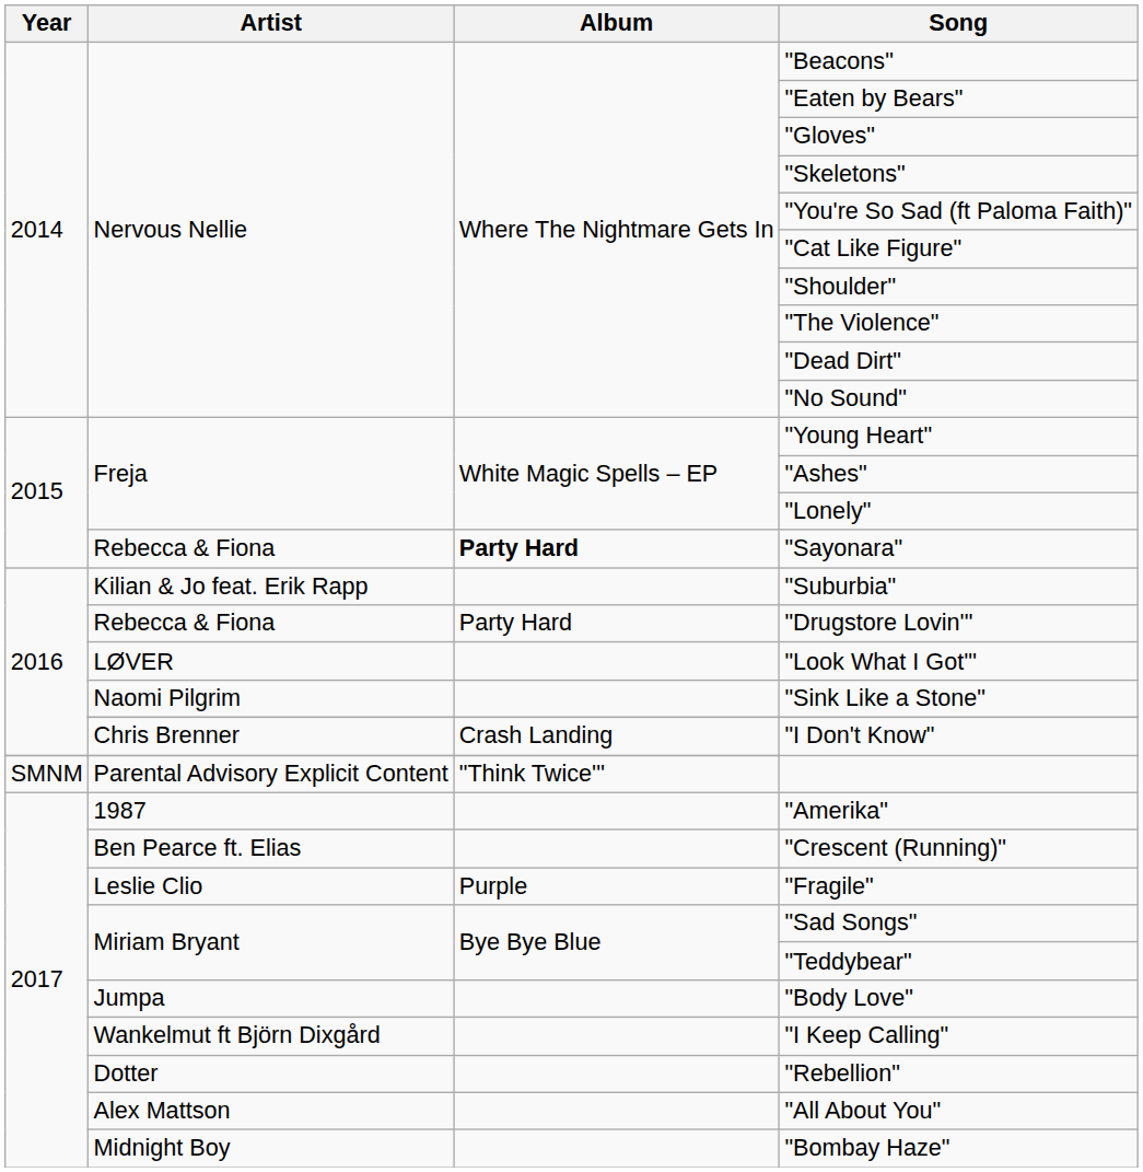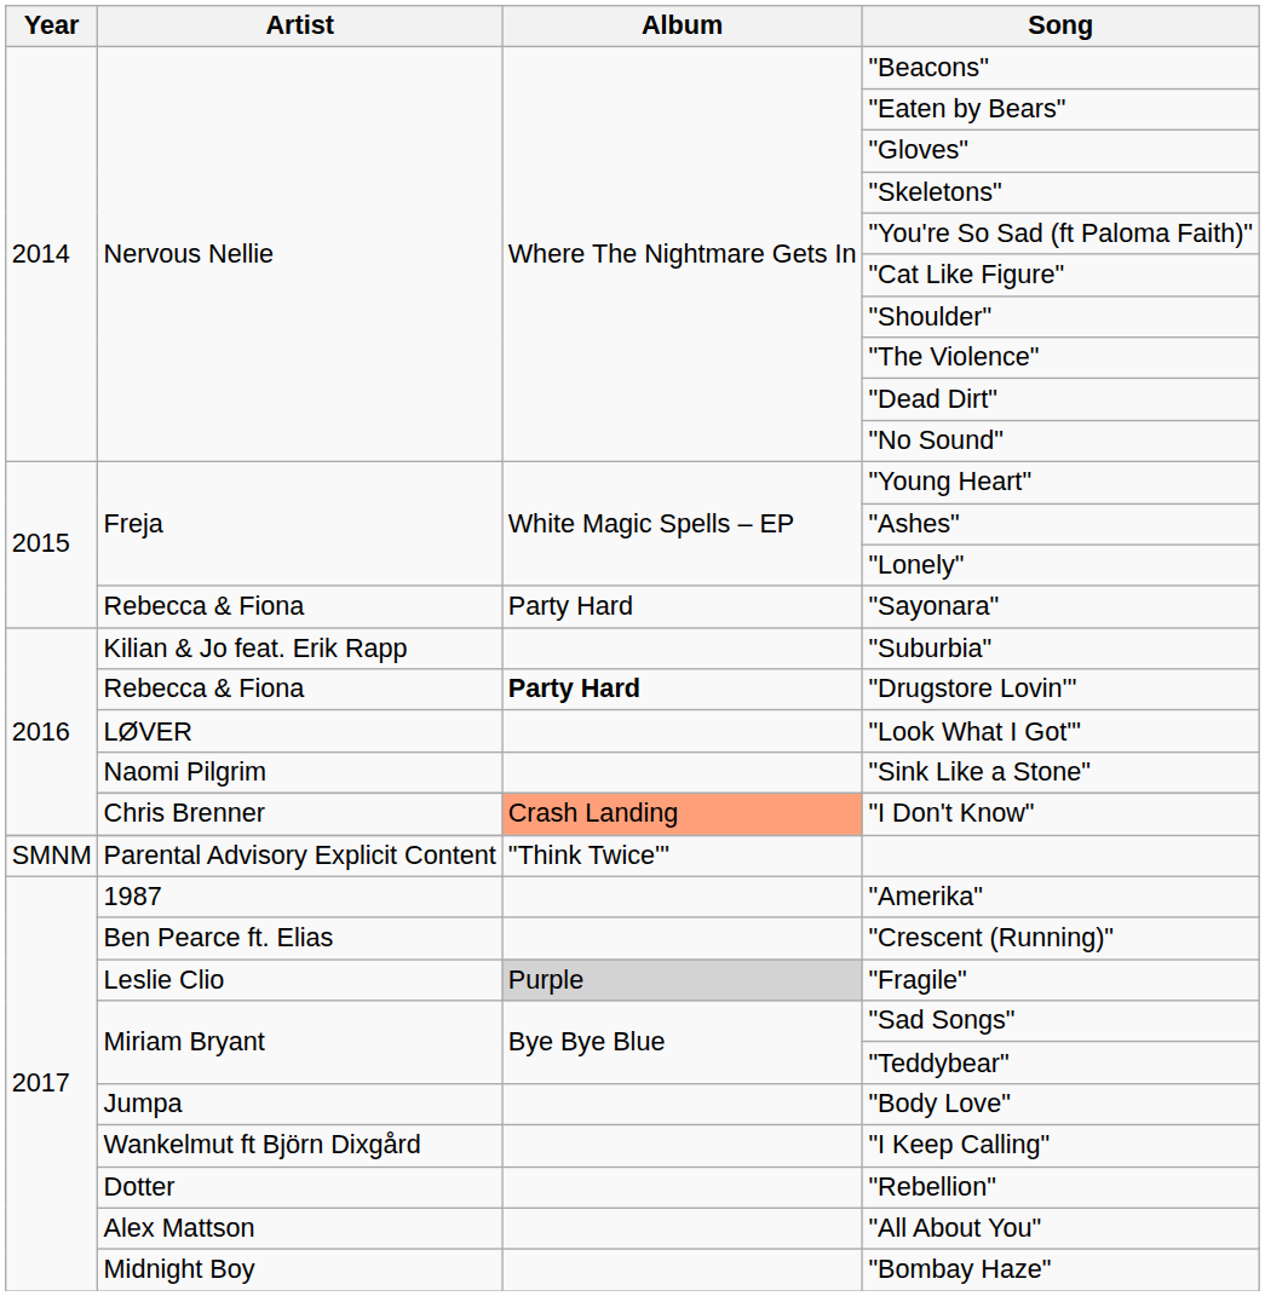 <table class="wikitable">
 <tr>
 <th>Year</th>
 <th>Artist</th>
 <th>Album</th>
 <th>Song</th>
 </tr>
 <tr>
 <td rowspan="10">2014</td>
 <td rowspan="10">Nervous Nellie</td>
 <td rowspan="10">Where The Nightmare Gets In</td>
 <td>"Beacons"</td>
 </tr>
 <tr>
 <td>"Eaten by Bears"</td>
 </tr>
 <tr>
 <td>"Gloves"</td>
 </tr>
 <tr>
 <td>"Skeletons"</td>
 </tr>
 <tr>
 <td>"You're So Sad (ft Paloma Faith)"</td>
 </tr>
 <tr>
 <td>"Cat Like Figure"</td>
 </tr>
 <tr>
 <td>"Shoulder"</td>
 </tr>
 <tr>
 <td>"The Violence"</td>
 </tr>
 <tr>
 <td>"Dead Dirt"</td>
 </tr>
 <tr>
 <td>"No Sound"</td>
 </tr>
 <tr>
 <td rowspan="4">2015</td>
 <td rowspan="3">Freja</td>
 <td rowspan="3">White Magic Spells – EP</td>
 <td>"Young Heart"</td>
 </tr>
 <tr>
 <td>"Ashes"</td>
 </tr>
 <tr>
 <td>"Lonely"</td>
 </tr>
 <tr>
 <td>Rebecca & Fiona</td>
-<td><strong>Party Hard</strong></td>
+<td>Party Hard</td>
 <td>"Sayonara"</td>
 </tr>
 <tr>
 <td rowspan="6">2016</td>
 <td>Kilian & Jo feat. Erik Rapp</td>
 <td></td>
 <td>"Suburbia"</td>
 </tr>
 <tr>
 <td>Rebecca & Fiona</td>
-<td>Party Hard</td>
+<td><strong>Party Hard</strong></td>
 <td>"Drugstore Lovin'"</td>
 </tr>
 <tr>
 <td>LØVER</td>
 <td></td>
 <td>"Look What I Got'"</td>
 </tr>
 <tr>
 <td>Naomi Pilgrim</td>
 <td></td>
 <td>"Sink Like a Stone"</td>
 </tr>
 <tr>
 </tr>
 <tr>
 <td>Chris Brenner</td>
-<td>Crash Landing</td>
+<td style="background: lightsalmon;">Crash Landing</td>
 <td>"I Don't Know"</td>
 </tr>
 <tr>
 </tr>
 <tr>
 <td>SMNM</td>
 <td>Parental Advisory Explicit Content</td>
 <td>"Think Twice'"</td>
 </tr>
 <tr>
 <td rowspan="10">2017</td>
 <td>1987</td>
 <td></td>
 <td>"Amerika"</td>
 </tr>
 <tr>
 <td>Ben Pearce ft. Elias</td>
 <td></td>
 <td>"Crescent (Running)"</td>
 </tr>
 <tr>
 <td>Leslie Clio</td>
-<td>Purple</td>
+<td style="background: lightgrey;">Purple</td>
 <td>"Fragile"</td>
 </tr>
 <tr>
 <td rowspan="2">Miriam Bryant</td>
 <td rowspan="2">Bye Bye Blue</td>
 <td>"Sad Songs"</td>
 </tr>
 <tr>
 <td>"Teddybear"</td>
 </tr>
 <tr>
 <td>Jumpa</td>
 <td></td>
 <td>"Body Love"</td>
 </tr>
 <tr>
 <td>Wankelmut ft Björn Dixgård</td>
 <td></td>
 <td>"I Keep Calling"</td>
 </tr>
 <tr>
 <td>Dotter</td>
 <td></td>
 <td>"Rebellion"</td>
 </tr>
 <tr>
 <td>Alex Mattson</td>
 <td></td>
 <td>"All About You"</td>
 </tr>
 <tr>
 <td>Midnight Boy</td>
 <td></td>
 <td>"Bombay Haze"</td>
 </tr>
 </table>
